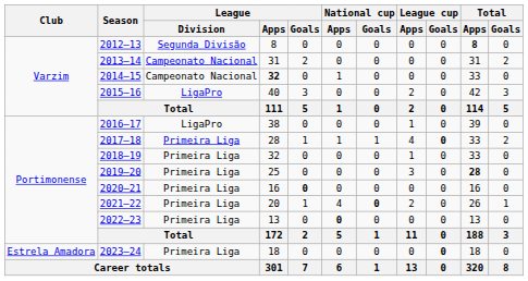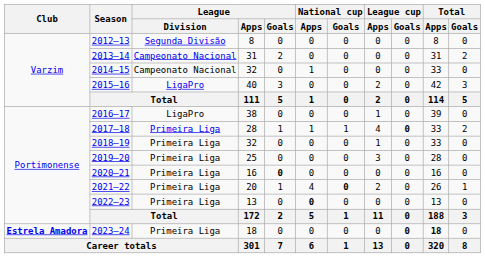 <table class=wikitable style=text-align:center>
 <tr>
 <th rowspan=2>Club</th>
 <th rowspan=2>Season</th>
 <th colspan=3>League</th>
 <th colspan=2>National cup</th>
 <th colspan=2>League cup</th>
 <th colspan=2>Total</th>
 </tr>
 <tr>
 <th>Division</th>
 <th>Apps</th>
 <th>Goals</th>
 <th>Apps</th>
 <th>Goals</th>
 <th>Apps</th>
 <th>Goals</th>
 <th>Apps</th>
 <th>Goals</th>
 </tr>
 <tr>
 <td rowspan=5><a href='#'>Varzim</a></td>
 <td><a href='#'>2012–13</a></td>
 <td><a href='#'>Segunda Divisão</a></td>
 <td>8</td>
 <td>0</td>
 <td>0</td>
 <td>0</td>
 <td>0</td>
 <td>0</td>
-<td><strong>8</strong></td>
+<td>8</td>
 <td>0</td>
 </tr>
 <tr>
 <td><a href='#'>2013–14</a></td>
 <td><a href='#'>Campeonato Nacional</a></td>
 <td>31</td>
 <td>2</td>
 <td>0</td>
 <td>0</td>
 <td>0</td>
 <td>0</td>
 <td>31</td>
 <td>2</td>
 </tr>
 <tr>
 <td><a href='#'>2014–15</a></td>
 <td>Campeonato Nacional</td>
-<td><strong>32</strong></td>
+<td>32</td>
 <td>0</td>
 <td>1</td>
 <td>0</td>
 <td>0</td>
 <td>0</td>
 <td>33</td>
 <td>0</td>
 </tr>
 <tr>
 <td><a href='#'>2015–16</a></td>
 <td><a href='#'>LigaPro</a></td>
 <td>40</td>
 <td>3</td>
 <td>0</td>
 <td>0</td>
 <td>2</td>
 <td>0</td>
 <td>42</td>
 <td>3</td>
 </tr>
 <tr>
 <th colspan=2>Total</th>
 <th>111</th>
 <th>5</th>
 <th>1</th>
 <th>0</th>
 <th>2</th>
 <th>0</th>
 <th>114</th>
 <th>5</th>
 </tr>
 <tr>
 <td rowspan=8><a href='#'>Portimonense</a></td>
 <td><a href='#'>2016–17</a></td>
 <td>LigaPro</td>
 <td>38</td>
 <td>0</td>
 <td>0</td>
 <td>0</td>
 <td>1</td>
 <td>0</td>
 <td>39</td>
 <td>0</td>
 </tr>
 <tr>
 <td><a href='#'>2017–18</a></td>
 <td><a href='#'>Primeira Liga</a></td>
 <td>28</td>
 <td>1</td>
 <td>1</td>
 <td>1</td>
 <td>4</td>
 <td><strong>0</strong></td>
 <td>33</td>
 <td>2</td>
 </tr>
 <tr>
 <td><a href='#'>2018–19</a></td>
 <td>Primeira Liga</td>
 <td>32</td>
 <td>0</td>
 <td>0</td>
 <td>0</td>
 <td>1</td>
 <td>0</td>
 <td>33</td>
 <td>0</td>
 </tr>
 <tr>
 <td><a href='#'>2019–20</a></td>
 <td>Primeira Liga</td>
 <td>25</td>
 <td>0</td>
 <td>0</td>
 <td>0</td>
 <td>3</td>
 <td>0</td>
-<td><strong>28</strong></td>
+<td>28</td>
 <td>0</td>
 </tr>
 <tr>
 <td><a href='#'>2020–21</a></td>
 <td>Primeira Liga</td>
 <td>16</td>
 <td><strong>0</strong></td>
 <td>0</td>
 <td>0</td>
 <td>0</td>
 <td>0</td>
 <td>16</td>
 <td>0</td>
 </tr>
 <tr>
 <td><a href='#'>2021–22</a></td>
 <td>Primeira Liga</td>
 <td>20</td>
 <td>1</td>
 <td>4</td>
 <td><strong>0</strong></td>
 <td>2</td>
 <td>0</td>
 <td>26</td>
 <td>1</td>
 </tr>
 <tr>
 <td><a href='#'>2022–23</a></td>
 <td>Primeira Liga</td>
 <td>13</td>
 <td>0</td>
 <td><strong>0</strong></td>
 <td>0</td>
 <td>0</td>
 <td>0</td>
 <td>13</td>
 <td>0</td>
 </tr>
 <tr>
 <th colspan=2>Total</th>
 <th>172</th>
 <th>2</th>
 <th>5</th>
 <th>1</th>
 <th>11</th>
 <th>0</th>
 <th>188</th>
 <th>3</th>
 </tr>
 <tr>
-<td><a href='#'>Estrela Amadora</a></td>
+<td><strong><a href='#'>Estrela Amadora</a></strong></td>
 <td><a href='#'>2023–24</a></td>
 <td>Primeira Liga</td>
 <td>18</td>
 <td>0</td>
 <td>0</td>
 <td>0</td>
 <td>0</td>
 <td><strong>0</strong></td>
-<td>18</td>
+<td><strong>18</strong></td>
 <td>0</td>
 </tr>
 <tr>
 <th colspan=3>Career totals</th>
 <th>301</th>
 <th>7</th>
 <th>6</th>
 <th>1</th>
 <th>13</th>
 <th>0</th>
 <th>320</th>
 <th>8</th>
 </tr>
 </table>
